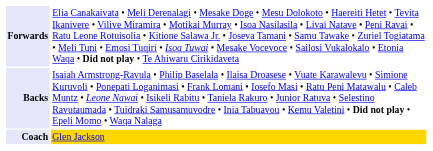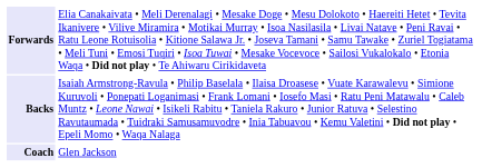 <table cellpadding="2" style="border: 1px solid white; font-size:90%;">
 <tr>
 <td style="text-align:right" bgcolor="lavender"><strong>Forwards</strong></td>
 <td style="text-align:left"><a href='#'>Elia Canakaivata</a> • <a href='#'>Meli Derenalagi</a> • <a href='#'>Mesake Doge</a> • <a href='#'>Mesu Dolokoto</a> • <a href='#'>Haereiti Hetet</a> • <a href='#'>Tevita Ikanivere</a> • <a href='#'>Vilive Miramira</a> • <a href='#'>Motikai Murray</a> • <a href='#'>Isoa Nasilasila</a> • <a href='#'>Livai Natave</a> • <a href='#'>Peni Ravai</a> • <a href='#'>Ratu Leone Rotuisolia</a> • <a href='#'>Kitione Salawa Jr.</a> • <a href='#'>Joseva Tamani</a> • <a href='#'>Samu Tawake</a> • <a href='#'>Zuriel Togiatama</a> • <a href='#'>Meli Tuni</a> • <a href='#'>Emosi Tuqiri</a> • <em><a href='#'>Isoa Tuwai</a></em> • <a href='#'>Mesake Vocevoce</a> • <a href='#'>Sailosi Vukalokalo</a> • <a href='#'>Etonia Waqa</a> • <strong>Did not play</strong> • <a href='#'>Te Ahiwaru Cirikidaveta</a></td>
 </tr>
 <tr>
 <td style="text-align:right" bgcolor="lavender"><strong>Backs</strong></td>
 <td style="text-align:left"><a href='#'>Isaiah Armstrong-Ravula</a> • <a href='#'>Philip Baselala</a> • <a href='#'>Ilaisa Droasese</a> • <a href='#'>Vuate Karawalevu</a> • <a href='#'>Simione Kuruvoli</a> • <a href='#'>Ponepati Loganimasi</a> • <a href='#'>Frank Lomani</a> • <a href='#'>Iosefo Masi</a> • <a href='#'>Ratu Peni Matawalu</a> • <a href='#'>Caleb Muntz</a> • <em><a href='#'>Leone Nawai</a></em> • <a href='#'>Isikeli Rabitu</a> • <a href='#'>Taniela Rakuro</a> • <a href='#'>Junior Ratuva</a> • <a href='#'>Selestino Ravutaumada</a> • <a href='#'>Tuidraki Samusamuvodre</a> • <a href='#'>Inia Tabuavou</a> • <a href='#'>Kemu Valetini</a> • <strong>Did not play</strong> • <a href='#'>Epeli Momo</a> • <a href='#'>Waqa Nalaga</a></td>
 </tr>
 <tr>
 <td style="text-align:right" bgcolor="lavender"><strong>Coach</strong></td>
-<td style="background: gold; text-align:left"><a href='#'>Glen Jackson</a></td>
+<td style="text-align:left"><a href='#'>Glen Jackson</a></td>
 </tr>
 </table>
